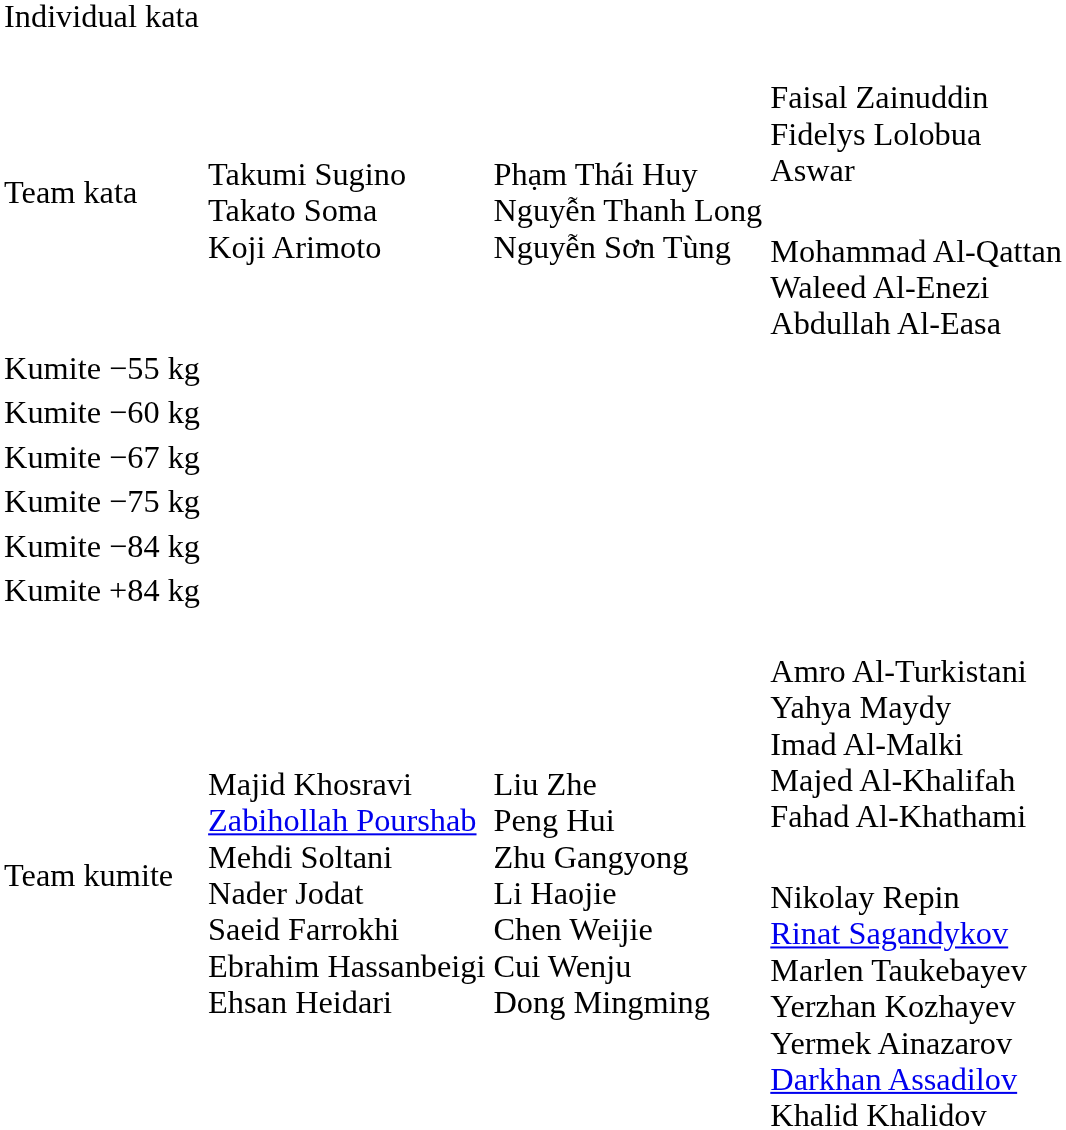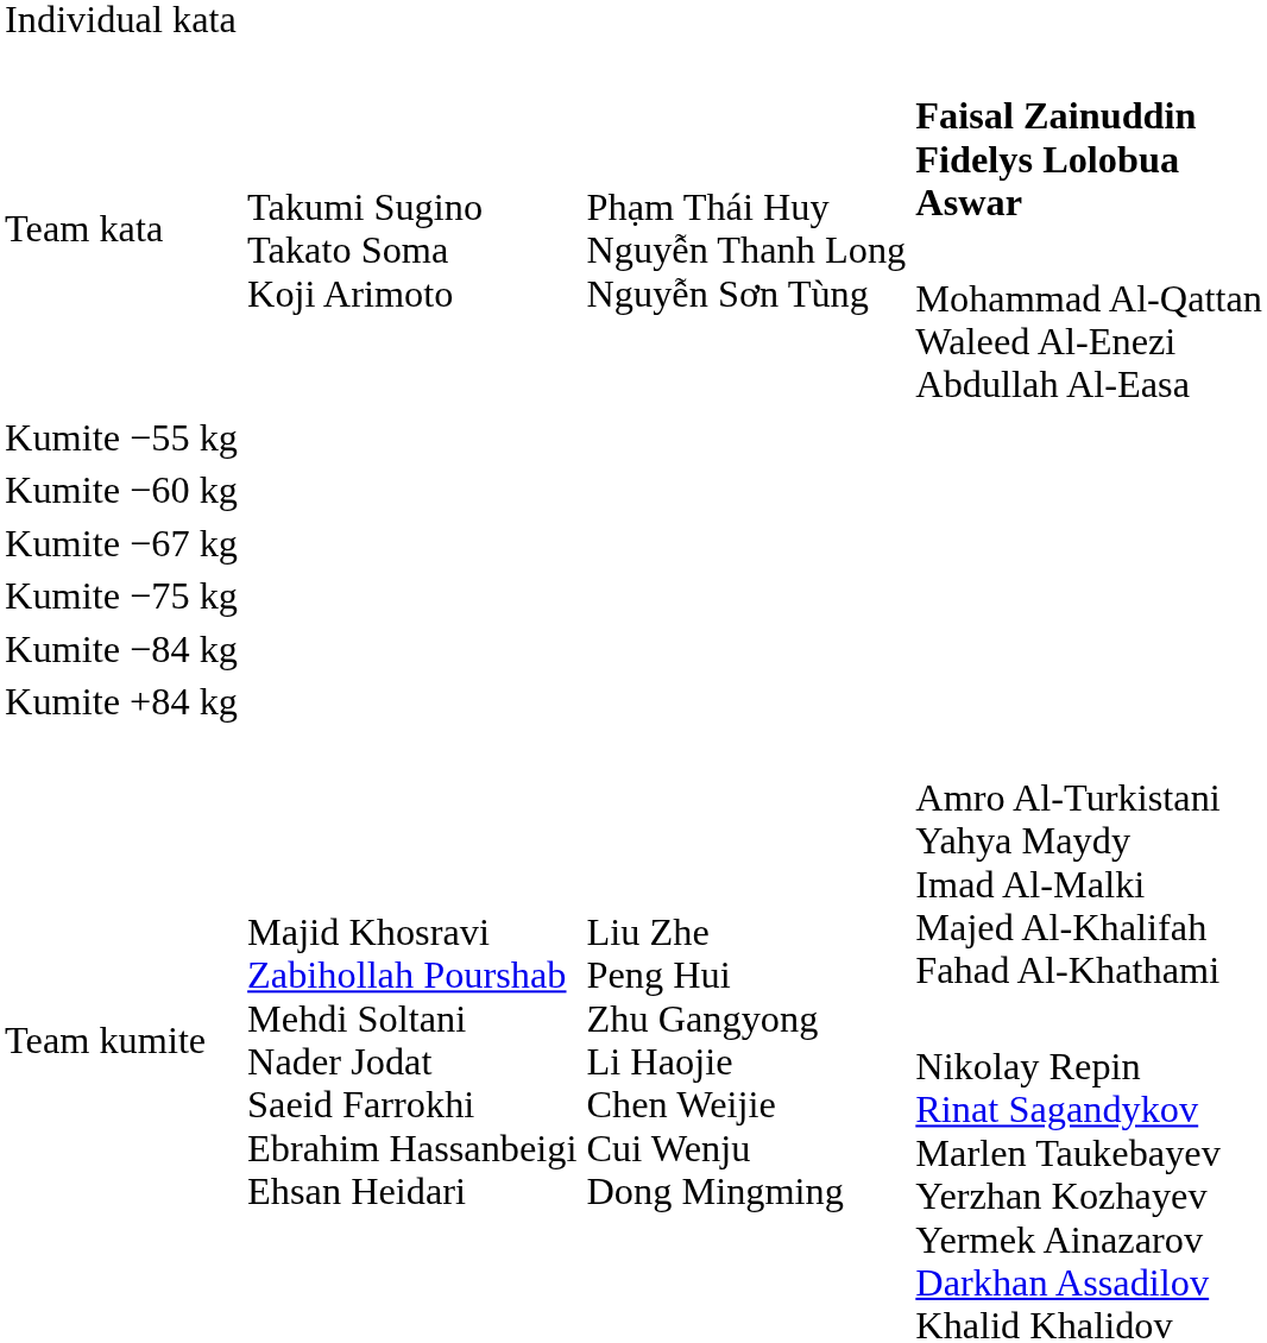 <table>
 <tr>
 <td rowspan=2>Individual kata</td>
 <td rowspan=2></td>
 <td rowspan=2></td>
 <td></td>
 </tr>
 <tr>
 <td></td>
 </tr>
 <tr>
 <td rowspan=2>Team kata</td>
 <td rowspan=2><br>Takumi Sugino<br>Takato Soma<br>Koji Arimoto</td>
 <td rowspan=2><br>Phạm Thái Huy<br>Nguyễn Thanh Long<br>Nguyễn Sơn Tùng</td>
-<td><br>Faisal Zainuddin<br>Fidelys Lolobua<br>Aswar</td>
+<td><strong><br>Faisal Zainuddin<br>Fidelys Lolobua<br>Aswar</strong></td>
 </tr>
 <tr>
 <td><br>Mohammad Al-Qattan<br>Waleed Al-Enezi<br>Abdullah Al-Easa</td>
 </tr>
 <tr>
 <td rowspan=2>Kumite −55 kg</td>
 <td rowspan=2></td>
 <td rowspan=2></td>
 <td></td>
 </tr>
 <tr>
 <td></td>
 </tr>
 <tr>
 <td rowspan=2>Kumite −60 kg</td>
 <td rowspan=2></td>
 <td rowspan=2></td>
 <td></td>
 </tr>
 <tr>
 <td></td>
 </tr>
 <tr>
 <td rowspan=2>Kumite −67 kg</td>
 <td rowspan=2></td>
 <td rowspan=2></td>
 <td></td>
 </tr>
 <tr>
 <td></td>
 </tr>
 <tr>
 <td rowspan=2>Kumite −75 kg</td>
 <td rowspan=2></td>
 <td rowspan=2></td>
 <td></td>
 </tr>
 <tr>
 <td></td>
 </tr>
 <tr>
 <td rowspan=2>Kumite −84 kg</td>
 <td rowspan=2></td>
 <td rowspan=2></td>
 <td></td>
 </tr>
 <tr>
 <td></td>
 </tr>
 <tr>
 <td rowspan=2>Kumite +84 kg</td>
 <td rowspan=2></td>
 <td rowspan=2></td>
 <td></td>
 </tr>
 <tr>
 <td></td>
 </tr>
 <tr>
 <td rowspan=2>Team kumite</td>
 <td rowspan=2><br>Majid Khosravi<br><a href='#'>Zabihollah Pourshab</a><br>Mehdi Soltani<br>Nader Jodat<br>Saeid Farrokhi<br>Ebrahim Hassanbeigi<br>Ehsan Heidari</td>
 <td rowspan=2><br>Liu Zhe<br>Peng Hui<br>Zhu Gangyong<br>Li Haojie<br>Chen Weijie<br>Cui Wenju<br>Dong Mingming</td>
 <td><br>Amro Al-Turkistani<br>Yahya Maydy<br>Imad Al-Malki<br>Majed Al-Khalifah<br>Fahad Al-Khathami</td>
 </tr>
 <tr>
 <td><br>Nikolay Repin<br><a href='#'>Rinat Sagandykov</a><br>Marlen Taukebayev<br>Yerzhan Kozhayev<br>Yermek Ainazarov<br><a href='#'>Darkhan Assadilov</a><br>Khalid Khalidov</td>
 </tr>
 </table>
